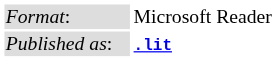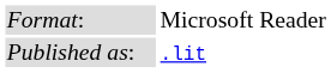 <table style="text-align:left;">
 <tr>
 <td style="background:#ddd; width:100px;"><em>Format</em>:</td>
 <td>Microsoft Reader</td>
 </tr>
 <tr>
 <td style="background:#ddd;"><em>Published as</em>:</td>
-<td><strong><code><a href='#'>.lit</a></code></strong></td>
+<td><code><a href='#'>.lit</a></code></td>
 </tr>
 </table>
